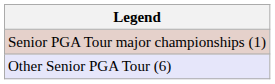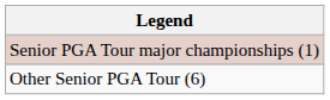 <table class="wikitable" style="font-size:95%;">
 <tr>
 <th>Legend</th>
 </tr>
 <tr style="background:#e5d1cb;">
 <td>Senior PGA Tour major championships (1)</td>
 </tr>
 <tr>
-<td style="background: lavender;">Other Senior PGA Tour (6)</td>
+<td>Other Senior PGA Tour (6)</td>
 </tr>
 </table>
